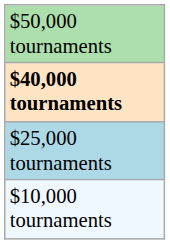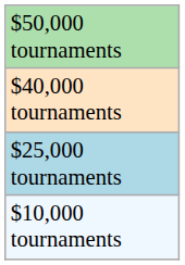 <table class="wikitable" style="font-size:85%; width:12%;">
 <tr style="background:#addfad;">
 <td>$50,000 tournaments</td>
 </tr>
 <tr style="background:#ffe4c4;">
-<td><strong>$40,000 tournaments</strong></td>
+<td>$40,000 tournaments</td>
 </tr>
 <tr style="background:lightblue;">
 <td>$25,000 tournaments</td>
 </tr>
 <tr style="background:#f0f8ff;">
 <td>$10,000 tournaments</td>
 </tr>
 </table>
